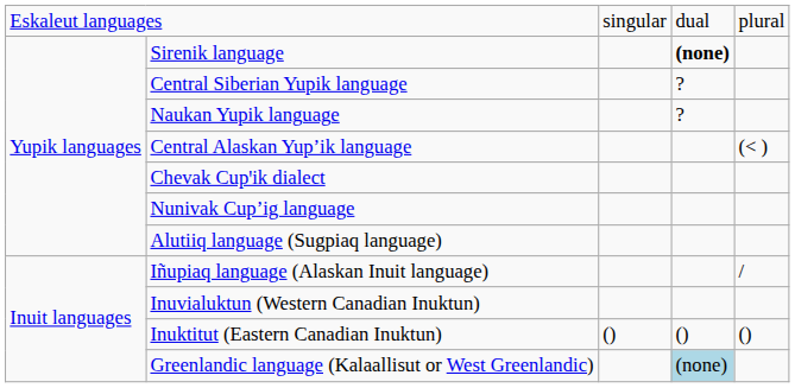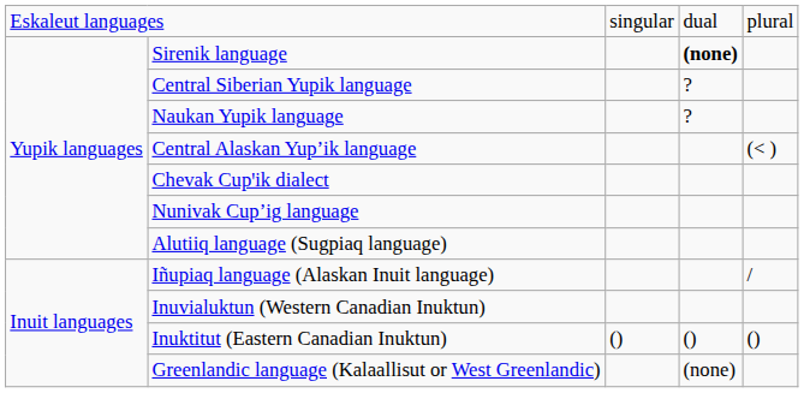 <table class="wikitable">
 <tr>
 <td scope="col" colspan=2><a href='#'>Eskaleut languages</a></td>
 <td scope="col">singular</td>
 <td scope="col">dual</td>
 <td scope="col">plural</td>
 </tr>
 <tr>
 <td scope="row" rowspan=7 style="text-align:left"><a href='#'>Yupik languages</a></td>
 <td scope="row"><a href='#'>Sirenik language</a></td>
 <td></td>
 <td><strong>(none)</strong></td>
 <td></td>
 </tr>
 <tr>
 <td scope="row"><a href='#'>Central Siberian Yupik language</a></td>
 <td></td>
 <td>?</td>
 <td></td>
 </tr>
 <tr>
 <td scope="row"><a href='#'>Naukan Yupik language</a></td>
 <td></td>
 <td>?</td>
 <td></td>
 </tr>
 <tr>
 <td scope="row"><a href='#'>Central Alaskan Yupʼik language</a></td>
 <td></td>
 <td></td>
 <td> (< )</td>
 </tr>
 <tr>
 <td scope="row"><a href='#'>Chevak Cupꞌik dialect</a></td>
 <td></td>
 <td></td>
 <td></td>
 </tr>
 <tr>
 <td scope="row"><a href='#'>Nunivak Cupʼig language</a></td>
 <td></td>
 <td></td>
 <td></td>
 </tr>
 <tr>
 <td scope="row"><a href='#'>Alutiiq language</a> (Sugpiaq language)</td>
 <td></td>
 <td></td>
 <td></td>
 </tr>
 <tr>
 <td rowspan=4 scope="row" style="text-align:left"><a href='#'>Inuit languages</a></td>
 <td scope="row"><a href='#'>Iñupiaq language</a> (Alaskan Inuit language)</td>
 <td></td>
 <td></td>
 <td> / </td>
 </tr>
 <tr>
 <td scope="row"><a href='#'>Inuvialuktun</a> (Western Canadian Inuktun)</td>
 <td></td>
 <td></td>
 <td></td>
 </tr>
 <tr>
 <td scope="row"><a href='#'>Inuktitut</a> (Eastern Canadian Inuktun)</td>
 <td> ()</td>
 <td> ()</td>
 <td> ()</td>
 </tr>
 <tr>
 <td scope="row"><a href='#'>Greenlandic language</a> (Kalaallisut or <a href='#'>West Greenlandic</a>)</td>
 <td></td>
-<td style="background: lightblue;">(none)</td>
+<td>(none)</td>
 <td></td>
 </tr>
 </table>
